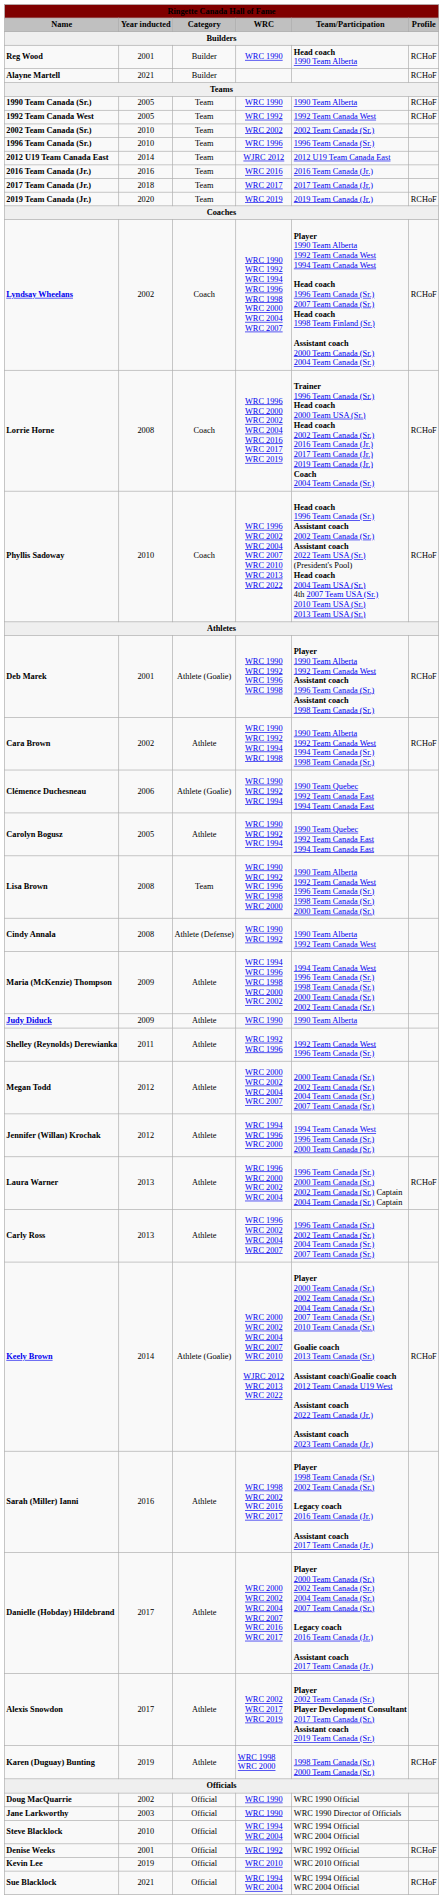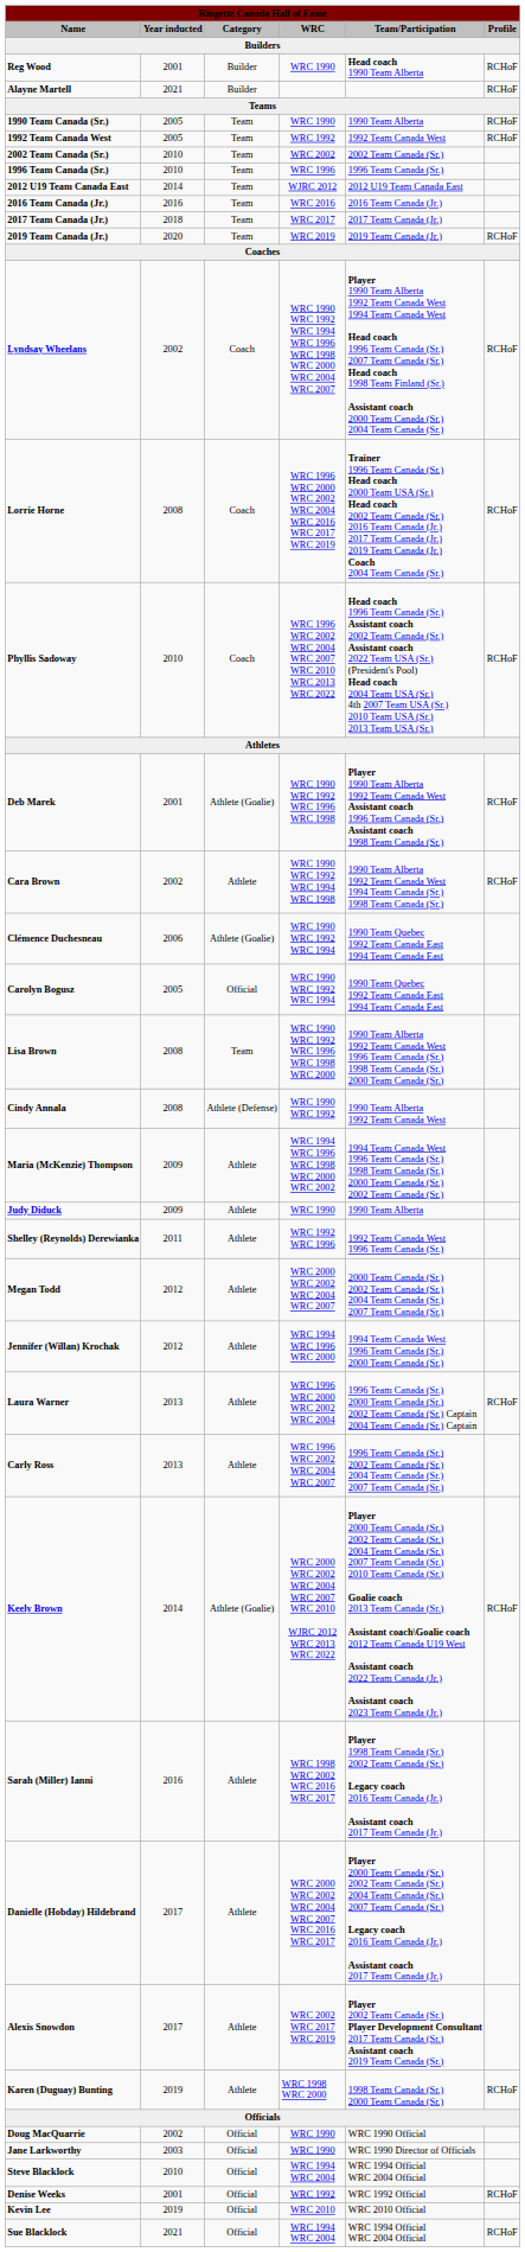 <table class="wikitable" style="text-align:left; font-size:80%;">
 <tr>
 <th style=background:maroon colspan=6><span>Ringette Canada Hall of Fame</span></th>
 </tr>
 <tr>
 <th style="background:silver;">Name</th>
 <th style="background:silver;">Year inducted</th>
 <th style="background:silver;">Category</th>
 <th style="background:silver;">WRC</th>
 <th style="background:silver;">Team/Participation</th>
 <th style="background:silver;">Profile</th>
 </tr>
 <tr>
 <th style=background:#eeee colspan=6>Builders</th>
 </tr>
 <tr>
 <td><strong>Reg Wood</strong></td>
 <td align=center>2001</td>
 <td align=center>Builder</td>
 <td align=center><a href='#'>WRC 1990</a></td>
 <td> <strong>Head coach</strong> <br>  <a href='#'>1990 Team Alberta</a></td>
 <td>RCHoF</td>
 </tr>
 <tr>
 <td><strong>Alayne Martell</strong></td>
 <td align=center>2021</td>
 <td align=center>Builder</td>
 <td></td>
 <td></td>
 <td>RCHoF</td>
 </tr>
 <tr>
 <th style=background:#eeee colspan=6>Teams</th>
 </tr>
 <tr>
 <td><strong>1990 Team Canada (Sr.)</strong></td>
 <td align=center>2005</td>
 <td align=center>Team</td>
 <td align=center><a href='#'>WRC 1990</a></td>
 <td> <a href='#'>1990 Team Alberta</a></td>
 <td>RCHoF</td>
 </tr>
 <tr>
 <td><strong>1992 Team Canada West</strong></td>
 <td align=center>2005</td>
 <td align=center>Team</td>
 <td align=center><a href='#'>WRC 1992</a></td>
 <td> <a href='#'>1992 Team Canada West</a></td>
 <td>RCHoF</td>
 </tr>
 <tr>
 <td><strong>2002 Team Canada (Sr.)</strong></td>
 <td align=center>2010</td>
 <td align=center>Team</td>
 <td align=center><a href='#'>WRC 2002</a></td>
 <td> <a href='#'>2002 Team Canada (Sr.)</a></td>
 <td></td>
 </tr>
 <tr>
 <td><strong>1996 Team Canada (Sr.)</strong></td>
 <td align=center>2010</td>
 <td align=center>Team</td>
 <td align=center><a href='#'>WRC 1996</a></td>
 <td> <a href='#'>1996 Team Canada (Sr.)</a></td>
 <td></td>
 </tr>
 <tr>
 <td><strong>2012 U19 Team Canada East</strong></td>
 <td align=center>2014</td>
 <td align=center>Team</td>
 <td align=center><a href='#'>WJRC 2012</a></td>
 <td> <a href='#'>2012 U19 Team Canada East</a></td>
 <td></td>
 </tr>
 <tr>
 <td><strong>2016 Team Canada (Jr.)</strong></td>
 <td align=center>2016</td>
 <td align=center>Team</td>
 <td align=center><a href='#'>WRC 2016</a></td>
 <td> <a href='#'>2016 Team Canada (Jr.)</a></td>
 <td></td>
 </tr>
 <tr>
 <td><strong>2017 Team Canada (Jr.)</strong></td>
 <td align=center>2018</td>
 <td align=center>Team</td>
 <td align=center><a href='#'>WRC 2017</a></td>
 <td> <a href='#'>2017 Team Canada (Jr.)</a></td>
 <td></td>
 </tr>
 <tr>
 <td><strong>2019 Team Canada (Jr.)</strong></td>
 <td align=center>2020</td>
 <td align=center>Team</td>
 <td align=center><a href='#'>WRC 2019</a></td>
 <td> <a href='#'>2019 Team Canada (Jr.)</a></td>
 <td>RCHoF</td>
 </tr>
 <tr>
 <th style=background:#eeee colspan=6>Coaches</th>
 </tr>
 <tr>
 <td><strong><a href='#'>Lyndsay Wheelans</a></strong></td>
 <td align=center>2002</td>
 <td align=center>Coach</td>
 <td align=center><a href='#'>WRC 1990</a><br><a href='#'>WRC 1992</a><br><a href='#'>WRC 1994</a><br><a href='#'>WRC 1996</a><br><a href='#'>WRC 1998</a><br><a href='#'>WRC 2000</a><br><a href='#'>WRC 2004</a><br><a href='#'>WRC 2007</a></td>
 <td><br> <strong>Player</strong> <br>  <a href='#'>1990 Team Alberta</a> <br> <a href='#'>1992 Team Canada West</a> <br> <a href='#'>1994 Team Canada West</a> <br> <br>  <strong>Head coach</strong> <br>  <a href='#'>1996 Team Canada (Sr.)</a> <br>  <a href='#'>2007 Team Canada (Sr.)</a><br> <strong>Head coach</strong> <br>  <a href='#'>1998 Team Finland (Sr.)</a> <br> <br>  <strong>Assistant coach</strong> <br>  <a href='#'>2000 Team Canada (Sr.)</a> <br>  <a href='#'>2004 Team Canada (Sr.)</a></td>
 <td>RCHoF</td>
 </tr>
 <tr>
 <td><strong>Lorrie Horne</strong></td>
 <td align=center>2008</td>
 <td align=center>Coach</td>
 <td align=center><a href='#'>WRC 1996</a><br><a href='#'>WRC 2000</a><br><a href='#'>WRC 2002</a><br><a href='#'>WRC 2004</a><br><a href='#'>WRC 2016</a><br><a href='#'>WRC 2017</a><br><a href='#'>WRC 2019</a><br></td>
 <td><br> <strong>Trainer</strong> <br>  <a href='#'>1996 Team Canada (Sr.)</a><br> <strong>Head coach</strong> <br>  <a href='#'>2000 Team USA (Sr.)</a><br> <strong>Head coach</strong> <br>  <a href='#'>2002 Team Canada (Sr.)</a> <br>  <a href='#'>2016 Team Canada (Jr.)</a> <br>  <a href='#'>2017 Team Canada (Jr.)</a> <br>  <a href='#'>2019 Team Canada (Jr.)</a><br> <strong>Coach</strong> <br>  <a href='#'>2004 Team Canada (Sr.)</a></td>
 <td>RCHoF</td>
 </tr>
 <tr>
 <td><strong>Phyllis Sadoway</strong></td>
 <td align=center>2010</td>
 <td align=center>Coach</td>
 <td align=center><a href='#'>WRC 1996</a><br><a href='#'>WRC 2002</a><br><a href='#'>WRC 2004</a><br><a href='#'>WRC 2007</a><br><a href='#'>WRC 2010</a><br><a href='#'>WRC 2013</a><br><a href='#'>WRC 2022</a></td>
 <td><br> <strong>Head coach</strong> <br>  <a href='#'>1996 Team Canada (Sr.)</a><br> <strong>Assistant coach</strong> <br>  <a href='#'>2002 Team Canada (Sr.)</a><br>  <strong>Assistant coach</strong> <br>  <a href='#'>2022 Team USA (Sr.)</a><br>(President's Pool)<br> <strong>Head coach</strong> <br>  <a href='#'>2004 Team USA (Sr.)</a> <br> 4th  <a href='#'>2007 Team USA (Sr.)</a> <br>  <a href='#'>2010 Team USA (Sr.)</a> <br>  <a href='#'>2013 Team USA (Sr.)</a></td>
 <td>RCHoF</td>
 </tr>
 <tr>
 <th style=background:#eeee colspan=6>Athletes</th>
 </tr>
 <tr>
 <td><strong>Deb Marek</strong></td>
 <td align=center>2001</td>
 <td align=center>Athlete (Goalie)</td>
 <td align=center><a href='#'>WRC 1990</a><br><a href='#'>WRC 1992</a><br><a href='#'>WRC 1996</a><br><a href='#'>WRC 1998</a></td>
 <td><br> <strong>Player</strong> <br>  <a href='#'>1990 Team Alberta</a> <br>  <a href='#'>1992 Team Canada West</a><br> <strong>Assistant coach</strong> <br>  <a href='#'>1996 Team Canada (Sr.)</a><br> <strong>Assistant coach</strong> <br>  <a href='#'>1998 Team Canada (Sr.)</a></td>
 <td>RCHoF</td>
 </tr>
 <tr>
 <td><strong>Cara Brown</strong></td>
 <td align=center>2002</td>
 <td align=center>Athlete</td>
 <td align=center><a href='#'>WRC 1990</a><br><a href='#'>WRC 1992</a><br><a href='#'>WRC 1994</a><br><a href='#'>WRC 1998</a></td>
 <td><br> <a href='#'>1990 Team Alberta</a> <br> <a href='#'>1992 Team Canada West</a> <br> <a href='#'>1994 Team Canada (Sr.)</a> <br> <a href='#'>1998 Team Canada (Sr.)</a></td>
 <td>RCHoF</td>
 </tr>
 <tr>
 <td><strong>Clémence Duchesneau</strong></td>
 <td align=center>2006</td>
 <td align=center>Athlete (Goalie)</td>
 <td align=center><a href='#'>WRC 1990</a><br><a href='#'>WRC 1992</a><br><a href='#'>WRC 1994</a></td>
 <td><br> <a href='#'>1990 Team Quebec</a><br>  <a href='#'>1992 Team Canada East</a><br>  <a href='#'>1994 Team Canada East</a></td>
 <td></td>
 </tr>
 <tr>
 <td><strong>Carolyn Bogusz</strong></td>
 <td align=center>2005</td>
-<td align=center>Athlete</td>
+<td align=center>Official</td>
 <td align=center><a href='#'>WRC 1990</a><br><a href='#'>WRC 1992</a><br><a href='#'>WRC 1994</a></td>
 <td><br> <a href='#'>1990 Team Quebec</a> <br> <a href='#'>1992 Team Canada East</a> <br> <a href='#'>1994 Team Canada East</a></td>
 <td></td>
 </tr>
 <tr>
 <td><strong>Lisa Brown</strong></td>
 <td align=center>2008</td>
 <td align=center>Team</td>
 <td align=center><a href='#'>WRC 1990</a><br><a href='#'>WRC 1992</a><br><a href='#'>WRC 1996</a><br><a href='#'>WRC 1998</a><br><a href='#'>WRC 2000</a></td>
 <td><br> <a href='#'>1990 Team Alberta</a> <br> <a href='#'>1992 Team Canada West</a> <br> <a href='#'>1996 Team Canada (Sr.)</a> <br> <a href='#'>1998 Team Canada (Sr.)</a> <br> <a href='#'>2000 Team Canada (Sr.)</a></td>
 <td></td>
 </tr>
 <tr>
 <td><strong>Cindy Annala</strong></td>
 <td align=center>2008</td>
 <td align=center>Athlete (Defense)</td>
 <td align=center width=80><a href='#'>WRC 1990</a><br><a href='#'>WRC 1992</a></td>
 <td><br> <a href='#'>1990 Team Alberta</a> <br> <a href='#'>1992 Team Canada West</a></td>
 <td></td>
 </tr>
 <tr>
 <td><strong>Maria (McKenzie) Thompson</strong></td>
 <td align=center>2009</td>
 <td align=center>Athlete</td>
 <td align=center><a href='#'>WRC 1994</a><br><a href='#'>WRC 1996</a><br><a href='#'>WRC 1998</a><br><a href='#'>WRC 2000</a><br><a href='#'>WRC 2002</a></td>
 <td><br> <a href='#'>1994 Team Canada West</a> <br> <a href='#'>1996 Team Canada (Sr.)</a> <br> <a href='#'>1998 Team Canada (Sr.)</a> <br> <a href='#'>2000 Team Canada (Sr.)</a> <br> <a href='#'>2002 Team Canada (Sr.)</a></td>
 <td></td>
 </tr>
 <tr>
 <td><strong><a href='#'>Judy Diduck</a></strong></td>
 <td align=center>2009</td>
 <td align=center>Athlete</td>
 <td align=center><a href='#'>WRC 1990</a></td>
 <td> <a href='#'>1990 Team Alberta</a></td>
 <td></td>
 </tr>
 <tr>
 <td><strong>Shelley (Reynolds) Derewianka</strong></td>
 <td align=center>2011</td>
 <td align=center>Athlete</td>
 <td align=center><a href='#'>WRC 1992</a><br><a href='#'>WRC 1996</a></td>
 <td><br> <a href='#'>1992 Team Canada West</a> <br> <a href='#'>1996 Team Canada (Sr.)</a></td>
 <td></td>
 </tr>
 <tr>
 <td><strong>Megan Todd</strong></td>
 <td align=center>2012</td>
 <td align=center>Athlete</td>
 <td align=center><a href='#'>WRC 2000</a><br><a href='#'>WRC 2002</a><br><a href='#'>WRC 2004</a><br><a href='#'>WRC 2007</a><br></td>
 <td><br> <a href='#'>2000 Team Canada (Sr.)</a> <br> <a href='#'>2002 Team Canada (Sr.)</a> <br> <a href='#'>2004 Team Canada (Sr.)</a> <br> <a href='#'>2007 Team Canada (Sr.)</a></td>
 <td></td>
 </tr>
 <tr>
 <td><strong>Jennifer (Willan) Krochak</strong></td>
 <td align=center>2012</td>
 <td align=center>Athlete</td>
 <td align=center><a href='#'>WRC 1994</a><br><a href='#'>WRC 1996</a><br><a href='#'>WRC 2000</a><br></td>
 <td><br> <a href='#'>1994 Team Canada West</a> <br> <a href='#'>1996 Team Canada (Sr.)</a> <br> <a href='#'>2000 Team Canada (Sr.)</a></td>
 <td></td>
 </tr>
 <tr>
 <td><strong>Laura Warner</strong></td>
 <td align=center>2013</td>
 <td align=center>Athlete</td>
 <td align=center><a href='#'>WRC 1996</a><br><a href='#'>WRC 2000</a><br><a href='#'>WRC 2002</a><br><a href='#'>WRC 2004</a><br></td>
 <td><br> <a href='#'>1996 Team Canada (Sr.)</a> <br> <a href='#'>2000 Team Canada (Sr.)</a> <br> <a href='#'>2002 Team Canada (Sr.)</a> Captain <br> <a href='#'>2004 Team Canada (Sr.)</a> Captain</td>
 <td>RCHoF</td>
 </tr>
 <tr>
 <td><strong>Carly Ross</strong></td>
 <td align=center>2013</td>
 <td align=center>Athlete</td>
 <td align=center><a href='#'>WRC 1996</a><br><a href='#'>WRC 2002</a><br><a href='#'>WRC 2004</a><br><a href='#'>WRC 2007</a></td>
 <td><br> <a href='#'>1996 Team Canada (Sr.)</a> <br> <a href='#'>2002 Team Canada (Sr.)</a> <br> <a href='#'>2004 Team Canada (Sr.)</a> <br> <a href='#'>2007 Team Canada (Sr.)</a></td>
 <td></td>
 </tr>
 <tr>
 <td><strong><a href='#'>Keely Brown</a></strong></td>
 <td align=center>2014</td>
 <td align=center>Athlete (Goalie)</td>
 <td align=center><a href='#'>WRC 2000</a><br><a href='#'>WRC 2002</a><br><a href='#'>WRC 2004</a><br><a href='#'>WRC 2007</a><br><a href='#'>WRC 2010</a><br><br><a href='#'>WJRC 2012</a><br><a href='#'>WRC 2013</a><br><a href='#'>WRC 2022</a><br></td>
 <td><br> <strong>Player</strong> <br>  <a href='#'>2000 Team Canada (Sr.)</a> <br>  <a href='#'>2002 Team Canada (Sr.)</a> <br>  <a href='#'>2004 Team Canada (Sr.)</a> <br>  <a href='#'>2007 Team Canada (Sr.)</a> <br>  <a href='#'>2010 Team Canada (Sr.)</a> <br> <br> <strong>Goalie coach</strong> <br>  <a href='#'>2013 Team Canada (Sr.)</a> <br> <br> <strong>Assistant coach\Goalie coach</strong> <br>  <a href='#'>2012 Team Canada U19 West</a> <br> <br> <strong>Assistant coach</strong> <br>  <a href='#'>2022 Team Canada (Jr.)</a><br> <br> <strong>Assistant coach</strong> <br> <a href='#'>2023 Team Canada (Jr.)</a></td>
 <td>RCHoF</td>
 </tr>
 <tr>
 <td><strong>Sarah (Miller) Ianni</strong></td>
 <td align=center>2016</td>
 <td align=center>Athlete</td>
 <td align=center><a href='#'>WRC 1998</a><br><a href='#'>WRC 2002</a><br><a href='#'>WRC 2016</a><br><a href='#'>WRC 2017</a></td>
 <td><br> <strong>Player</strong> <br>  <a href='#'>1998 Team Canada (Sr.)</a> <br>  <a href='#'>2002 Team Canada (Sr.)</a> <br> <br>  <strong>Legacy coach</strong> <br>  <a href='#'>2016 Team Canada (Jr.)</a> <br> <br> <strong>Assistant coach</strong> <br>  <a href='#'>2017 Team Canada (Jr.)</a></td>
 <td></td>
 </tr>
 <tr>
 <td><strong>Danielle (Hobday) Hildebrand</strong></td>
 <td align=center>2017</td>
 <td align=center>Athlete</td>
 <td align=center><a href='#'>WRC 2000</a><br><a href='#'>WRC 2002</a><br><a href='#'>WRC 2004</a><br><a href='#'>WRC 2007</a><br><a href='#'>WRC 2016</a><br><a href='#'>WRC 2017</a></td>
 <td><br> <strong>Player</strong> <br>  <a href='#'>2000 Team Canada (Sr.)</a> <br>  <a href='#'>2002 Team Canada (Sr.)</a> <br>  <a href='#'>2004 Team Canada (Sr.)</a> <br>  <a href='#'>2007 Team Canada (Sr.)</a> <br> <br>  <strong>Legacy coach</strong> <br>  <a href='#'>2016 Team Canada (Jr.)</a> <br> <br> <strong>Assistant coach</strong> <br>  <a href='#'>2017 Team Canada (Jr.)</a></td>
 <td></td>
 </tr>
 <tr>
 <td><strong>Alexis Snowdon</strong></td>
 <td align=center>2017</td>
 <td align=center>Athlete</td>
 <td align=center><a href='#'>WRC 2002</a><br><a href='#'>WRC 2017</a><br><a href='#'>WRC 2019</a></td>
 <td><br> <strong>Player</strong> <br>  <a href='#'>2002 Team Canada (Sr.)</a><br> <strong>Player Development Consultant</strong> <br>  <a href='#'>2017 Team Canada (Sr.)</a><br> <strong>Assistant coach</strong> <br>  <a href='#'>2019 Team Canada (Sr.)</a></td>
 <td></td>
 </tr>
 <tr>
 <td><strong>Karen (Duguay) Bunting</strong></td>
 <td align=center>2019</td>
 <td align=center>Athlete</td>
 <td><a href='#'>WRC 1998</a><br><a href='#'>WRC 2000</a><br></td>
 <td><br> <a href='#'>1998 Team Canada (Sr.)</a> <br> <a href='#'>2000 Team Canada (Sr.)</a></td>
 <td>RCHoF</td>
 </tr>
 <tr>
 <th style=background:#eeee colspan=6>Officials</th>
 </tr>
 <tr>
 <td><strong>Doug MacQuarrie</strong></td>
 <td align=center>2002</td>
 <td align=center>Official</td>
 <td align=center><a href='#'>WRC 1990</a></td>
 <td> WRC 1990 Official</td>
 <td></td>
 </tr>
 <tr>
 <td><strong>Jane Larkworthy</strong></td>
 <td align=center>2003</td>
 <td align=center>Official</td>
 <td align=center><a href='#'>WRC 1990</a></td>
 <td> WRC 1990 Director of Officials</td>
 <td></td>
 </tr>
 <tr>
 <td><strong>Steve Blacklock</strong></td>
 <td align=center>2010</td>
 <td align=center>Official</td>
 <td align=center><a href='#'>WRC 1994</a><br><a href='#'>WRC 2004</a></td>
 <td> WRC 1994 Official<br> WRC 2004 Official</td>
 <td></td>
 </tr>
 <tr>
 <td><strong>Denise Weeks</strong></td>
 <td align=center>2001</td>
 <td align=center>Official</td>
 <td align=center><a href='#'>WRC 1992</a></td>
 <td> WRC 1992 Official</td>
 <td>RCHoF</td>
 </tr>
 <tr>
 <td><strong>Kevin Lee</strong></td>
 <td align=center>2019</td>
 <td align=center>Official</td>
 <td align=center><a href='#'>WRC 2010</a></td>
 <td> WRC 2010 Official</td>
 <td></td>
 </tr>
 <tr>
 <td><strong>Sue Blacklock</strong></td>
 <td align=center>2021</td>
 <td align=center>Official</td>
 <td align=center><a href='#'>WRC 1994</a><br><a href='#'>WRC 2004</a></td>
 <td> WRC 1994 Official<br> WRC 2004 Official</td>
 <td>RCHoF</td>
 </tr>
 </table>
